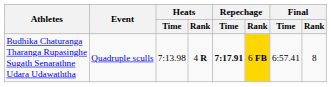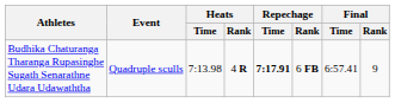 <table class="wikitable" style="font-size:90%">
 <tr>
 <th rowspan="2">Athletes</th>
 <th rowspan="2">Event</th>
 <th colspan="2">Heats</th>
 <th colspan="2">Repechage</th>
 <th colspan="2">Final</th>
 </tr>
 <tr style="font-size:95%">
 <th>Time</th>
 <th>Rank</th>
 <th>Time</th>
 <th>Rank</th>
 <th>Time</th>
 <th>Rank</th>
 </tr>
 <tr align=center>
 <td align=left><a href='#'>Budhika Chaturanga</a><br><a href='#'>Tharanga Rupasinghe</a><br><a href='#'>Sugath Senarathne</a><br><a href='#'>Udara Udawaththa</a></td>
 <td align=left><a href='#'>Quadruple sculls</a></td>
 <td>7:13.98</td>
 <td>4 <strong>R</strong></td>
 <td><strong>7:17.91</strong></td>
-<td style="background: gold;">6 <strong>FB</strong></td>
+<td>6 <strong>FB</strong></td>
 <td>6:57.41</td>
-<td>8</td>
+<td>9</td>
 </tr>
 </table>
